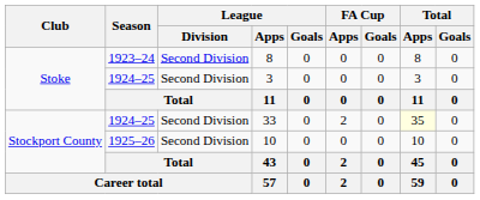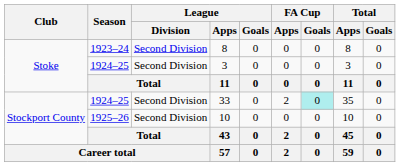 <table class="wikitable" style="text-align: center;">
 <tr>
 <th rowspan="2">Club</th>
 <th rowspan="2">Season</th>
 <th colspan="3">League</th>
 <th colspan="2">FA Cup</th>
 <th colspan="2">Total</th>
 </tr>
 <tr>
 <th>Division</th>
 <th>Apps</th>
 <th>Goals</th>
 <th>Apps</th>
 <th>Goals</th>
 <th>Apps</th>
 <th>Goals</th>
 </tr>
 <tr>
 <td rowspan="3"><a href='#'>Stoke</a></td>
 <td><a href='#'>1923–24</a></td>
 <td><a href='#'>Second Division</a></td>
 <td>8</td>
 <td>0</td>
 <td>0</td>
 <td>0</td>
 <td>8</td>
 <td>0</td>
 </tr>
 <tr>
 <td><a href='#'>1924–25</a></td>
 <td>Second Division</td>
 <td>3</td>
 <td>0</td>
 <td>0</td>
 <td>0</td>
 <td>3</td>
 <td>0</td>
 </tr>
 <tr>
 <th colspan=2>Total</th>
 <th>11</th>
 <th>0</th>
 <th>0</th>
 <th>0</th>
 <th>11</th>
 <th>0</th>
 </tr>
 <tr>
 <td rowspan="3"><a href='#'>Stockport County</a></td>
 <td><a href='#'>1924–25</a></td>
 <td>Second Division</td>
 <td>33</td>
 <td>0</td>
 <td>2</td>
-<td>0</td>
-<td style="background: lightyellow;">35</td>
+<td style="background: paleturquoise;">0</td>
+<td>35</td>
 <td>0</td>
 </tr>
 <tr>
 <td><a href='#'>1925–26</a></td>
 <td>Second Division</td>
 <td>10</td>
 <td>0</td>
 <td>0</td>
 <td>0</td>
 <td>10</td>
 <td>0</td>
 </tr>
 <tr>
 <th colspan=2>Total</th>
 <th>43</th>
 <th>0</th>
 <th>2</th>
 <th>0</th>
 <th>45</th>
 <th>0</th>
 </tr>
 <tr>
 <th colspan="3">Career total</th>
 <th>57</th>
 <th>0</th>
 <th>2</th>
 <th>0</th>
 <th>59</th>
 <th>0</th>
 </tr>
 </table>
